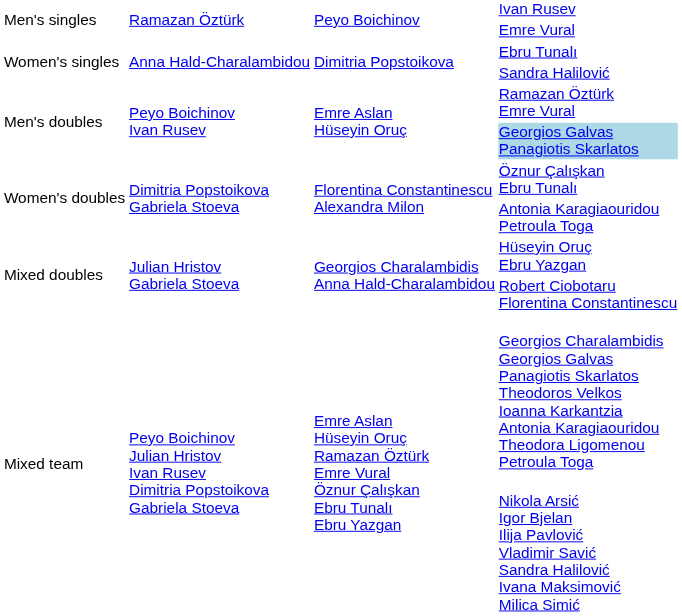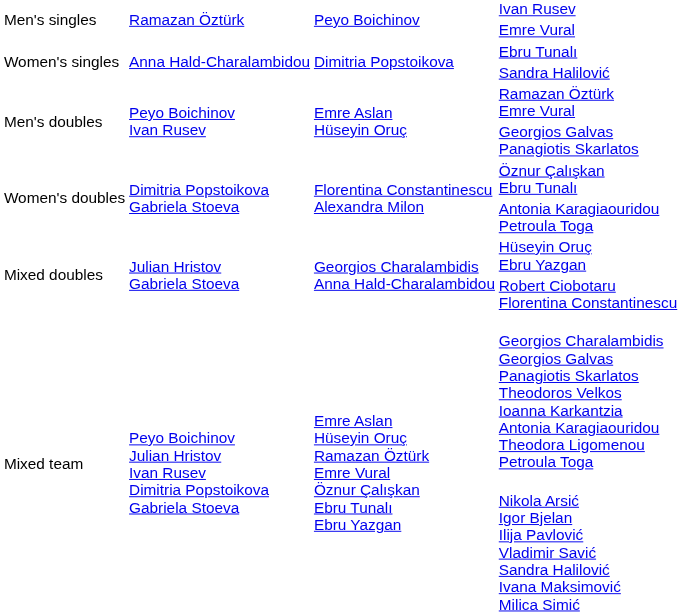 <table>
 <tr>
 <td rowspan="2">Men's singles</td>
 <td rowspan="2"> <a href='#'>Ramazan Öztürk</a></td>
 <td rowspan="2"> <a href='#'>Peyo Boichinov</a></td>
 <td> <a href='#'>Ivan Rusev</a></td>
 </tr>
 <tr>
 <td> <a href='#'>Emre Vural</a></td>
 </tr>
 <tr>
 <td rowspan="2">Women's singles</td>
 <td rowspan="2"> <a href='#'>Anna Hald-Charalambidou</a></td>
 <td rowspan="2"> <a href='#'>Dimitria Popstoikova</a></td>
 <td> <a href='#'>Ebru Tunalı</a></td>
 </tr>
 <tr>
 <td> <a href='#'>Sandra Halilović</a></td>
 </tr>
 <tr>
 <td rowspan="2">Men's doubles</td>
 <td rowspan="2"> <a href='#'>Peyo Boichinov</a><br> <a href='#'>Ivan Rusev</a></td>
 <td rowspan="2"> <a href='#'>Emre Aslan</a><br> <a href='#'>Hüseyin Oruç</a></td>
 <td> <a href='#'>Ramazan Öztürk</a><br> <a href='#'>Emre Vural</a></td>
 </tr>
 <tr>
-<td style="background: lightblue;"> <a href='#'>Georgios Galvas</a><br> <a href='#'>Panagiotis Skarlatos</a></td>
+<td> <a href='#'>Georgios Galvas</a><br> <a href='#'>Panagiotis Skarlatos</a></td>
 </tr>
 <tr>
 <td rowspan="2">Women's doubles</td>
 <td rowspan="2"> <a href='#'>Dimitria Popstoikova</a><br> <a href='#'>Gabriela Stoeva</a></td>
 <td rowspan="2"> <a href='#'>Florentina Constantinescu</a><br> <a href='#'>Alexandra Milon</a></td>
 <td> <a href='#'>Öznur Çalışkan</a><br> <a href='#'>Ebru Tunalı</a></td>
 </tr>
 <tr>
 <td> <a href='#'>Antonia Karagiaouridou</a><br> <a href='#'>Petroula Toga</a></td>
 </tr>
 <tr>
 <td rowspan="2">Mixed doubles</td>
 <td rowspan="2"> <a href='#'>Julian Hristov</a><br> <a href='#'>Gabriela Stoeva</a></td>
 <td rowspan="2"> <a href='#'>Georgios Charalambidis</a><br> <a href='#'>Anna Hald-Charalambidou</a></td>
 <td> <a href='#'>Hüseyin Oruç</a><br> <a href='#'>Ebru Yazgan</a></td>
 </tr>
 <tr>
 <td> <a href='#'>Robert Ciobotaru</a><br> <a href='#'>Florentina Constantinescu</a></td>
 </tr>
 <tr>
 <td rowspan="2">Mixed team</td>
 <td rowspan="2"><br><a href='#'>Peyo Boichinov</a><br><a href='#'>Julian Hristov</a><br><a href='#'>Ivan Rusev</a><br><a href='#'>Dimitria Popstoikova</a><br><a href='#'>Gabriela Stoeva</a></td>
 <td rowspan="2"><br><a href='#'>Emre Aslan</a><br><a href='#'>Hüseyin Oruç</a><br><a href='#'>Ramazan Öztürk</a><br><a href='#'>Emre Vural</a><br><a href='#'>Öznur Çalışkan</a><br><a href='#'>Ebru Tunalı</a><br><a href='#'>Ebru Yazgan</a></td>
 <td><br><a href='#'>Georgios Charalambidis</a><br><a href='#'>Georgios Galvas</a><br><a href='#'>Panagiotis Skarlatos</a><br><a href='#'>Theodoros Velkos</a><br><a href='#'>Ioanna Karkantzia</a><br><a href='#'>Antonia Karagiaouridou</a><br><a href='#'>Theodora Ligomenou</a><br><a href='#'>Petroula Toga</a></td>
 </tr>
 <tr>
 <td><br><a href='#'>Nikola Arsić</a><br><a href='#'>Igor Bjelan</a><br><a href='#'>Ilija Pavlović</a><br><a href='#'>Vladimir Savić</a><br><a href='#'>Sandra Halilović</a><br><a href='#'>Ivana Maksimović</a><br><a href='#'>Milica Simić</a></td>
 </tr>
 </table>
